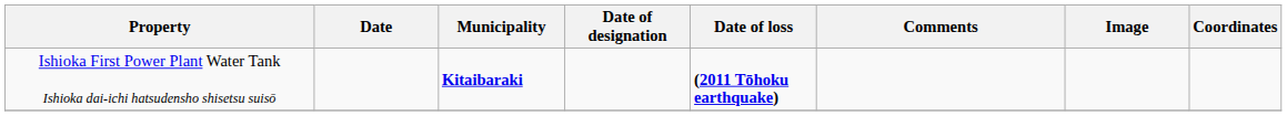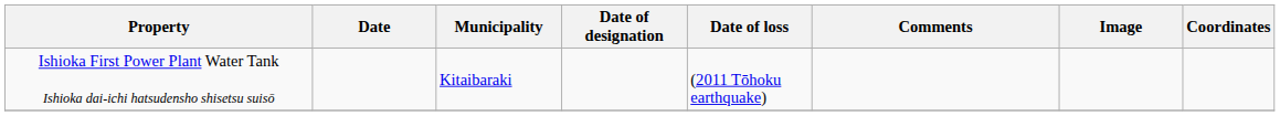 <table class="wikitable sortable"  style="width:100%;">
 <tr>
 <th width="25%" align="left">Property</th>
 <th width="10%" align="left">Date</th>
 <th width="10%" align="left">Municipality</th>
 <th width="10%" align="left">Date of designation</th>
 <th width="10%" align="left">Date of loss</th>
 <th width="20%" align="left" class="unsortable">Comments</th>
 <th width="10%" align="left" class="unsortable">Image</th>
 <th width="5%" align="left" class="unsortable">Coordinates</th>
 </tr>
 <tr>
 <td align="center"><a href='#'>Ishioka First Power Plant</a> Water Tank<br><br><small><em>Ishioka dai-ichi hatsudensho shisetsu suisō</em></small></td>
 <td></td>
-<td><strong><a href='#'>Kitaibaraki</a></strong></td>
+<td><a href='#'>Kitaibaraki</a></td>
 <td></td>
-<td><strong><br>(<a href='#'>2011 Tōhoku earthquake</a>)</strong></td>
+<td><br>(<a href='#'>2011 Tōhoku earthquake</a>)</td>
 <td></td>
 <td></td>
 <td></td>
 </tr>
 <tr>
 </tr>
 </table>
